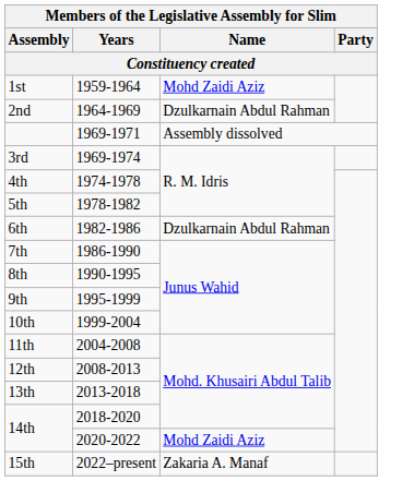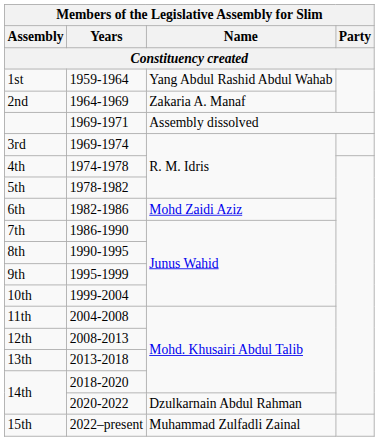 <table class="wikitable">
 <tr>
 <th colspan="4">Members of the Legislative Assembly for Slim</th>
 </tr>
 <tr>
 <th>Assembly</th>
 <th>Years</th>
 <th>Name</th>
 <th>Party</th>
 </tr>
 <tr>
 <th colspan="4"><em>Constituency created</em></th>
 </tr>
 <tr>
 <td>1st</td>
 <td>1959-1964</td>
-<td><a href='#'>Mohd Zaidi Aziz</a></td>
+<td>Yang Abdul Rashid Abdul Wahab</td>
 <td rowspan="2"></td>
 </tr>
 <tr>
 <td>2nd</td>
 <td>1964-1969</td>
-<td>Dzulkarnain Abdul Rahman</td>
+<td>Zakaria A. Manaf</td>
 </tr>
 <tr>
 <td></td>
 <td>1969-1971</td>
 <td colspan="2">Assembly dissolved</td>
 </tr>
 <tr>
 <td>3rd</td>
 <td>1969-1974</td>
 <td rowspan="3">R. M. Idris</td>
 <td></td>
 </tr>
 <tr>
 <td>4th</td>
 <td>1974-1978</td>
 <td rowspan="12"></td>
 </tr>
 <tr>
 <td>5th</td>
 <td>1978-1982</td>
 </tr>
 <tr>
 <td>6th</td>
 <td>1982-1986</td>
-<td>Dzulkarnain Abdul Rahman</td>
+<td><a href='#'>Mohd Zaidi Aziz</a></td>
 </tr>
 <tr>
 <td>7th</td>
 <td>1986-1990</td>
 <td rowspan="4"><a href='#'>Junus Wahid</a></td>
 </tr>
 <tr>
 <td>8th</td>
 <td>1990-1995</td>
 </tr>
 <tr>
 <td>9th</td>
 <td>1995-1999</td>
 </tr>
 <tr>
 <td>10th</td>
 <td>1999-2004</td>
 </tr>
 <tr>
 <td>11th</td>
 <td>2004-2008</td>
 <td rowspan="4"><a href='#'>Mohd. Khusairi Abdul Talib</a></td>
 </tr>
 <tr>
 <td>12th</td>
 <td>2008-2013</td>
 </tr>
 <tr>
 <td>13th</td>
 <td>2013-2018</td>
 </tr>
 <tr>
 <td rowspan="2">14th</td>
 <td>2018-2020</td>
 </tr>
 <tr>
 <td>2020-2022</td>
-<td><a href='#'>Mohd Zaidi Aziz</a></td>
+<td>Dzulkarnain Abdul Rahman</td>
 </tr>
 <tr>
 <td>15th</td>
 <td>2022–present</td>
-<td>Zakaria A. Manaf</td>
+<td>Muhammad Zulfadli Zainal</td>
 <td></td>
 </tr>
 </table>
